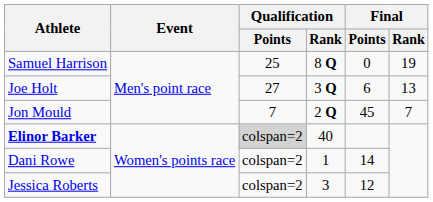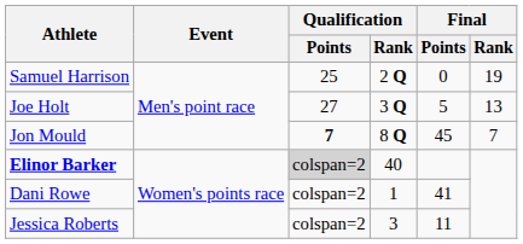 <table class="wikitable" style="font-size:90%;">
 <tr>
 <th rowspan=2>Athlete</th>
 <th rowspan=2>Event</th>
 <th colspan=2>Qualification</th>
 <th colspan=2>Final</th>
 </tr>
 <tr style="font-size:95%">
 <th>Points</th>
 <th>Rank</th>
 <th>Points</th>
 <th>Rank</th>
 </tr>
 <tr align=center>
 <td align=left><a href='#'>Samuel Harrison</a></td>
 <td align=left rowspan=3><a href='#'>Men's point race</a></td>
 <td>25</td>
-<td>8 <strong>Q</strong></td>
+<td>2 <strong>Q</strong></td>
 <td>0</td>
 <td>19</td>
 </tr>
 <tr align=center>
 <td align=left><a href='#'>Joe Holt</a></td>
 <td>27</td>
 <td>3 <strong>Q</strong></td>
-<td>6</td>
+<td>5</td>
 <td>13</td>
 </tr>
 <tr align=center>
 <td align=left><a href='#'>Jon Mould</a></td>
-<td>7</td>
-<td>2 <strong>Q</strong></td>
+<td><strong>7</strong></td>
+<td>8 <strong>Q</strong></td>
 <td>45</td>
 <td>7</td>
 </tr>
 <tr align=center>
 <td align=left><strong><a href='#'>Elinor Barker</a></strong></td>
 <td align=left rowspan=3><a href='#'>Women's points race</a></td>
 <td style="background: lightgrey;">colspan=2 </td>
 <td>40</td>
 <td></td>
 </tr>
 <tr align=center>
 <td align=left><a href='#'>Dani Rowe</a></td>
 <td>colspan=2 </td>
 <td>1</td>
-<td>14</td>
+<td>41</td>
 </tr>
 <tr align=center>
 <td align=left><a href='#'>Jessica Roberts</a></td>
 <td>colspan=2 </td>
 <td>3</td>
-<td>12</td>
+<td>11</td>
 </tr>
 </table>
